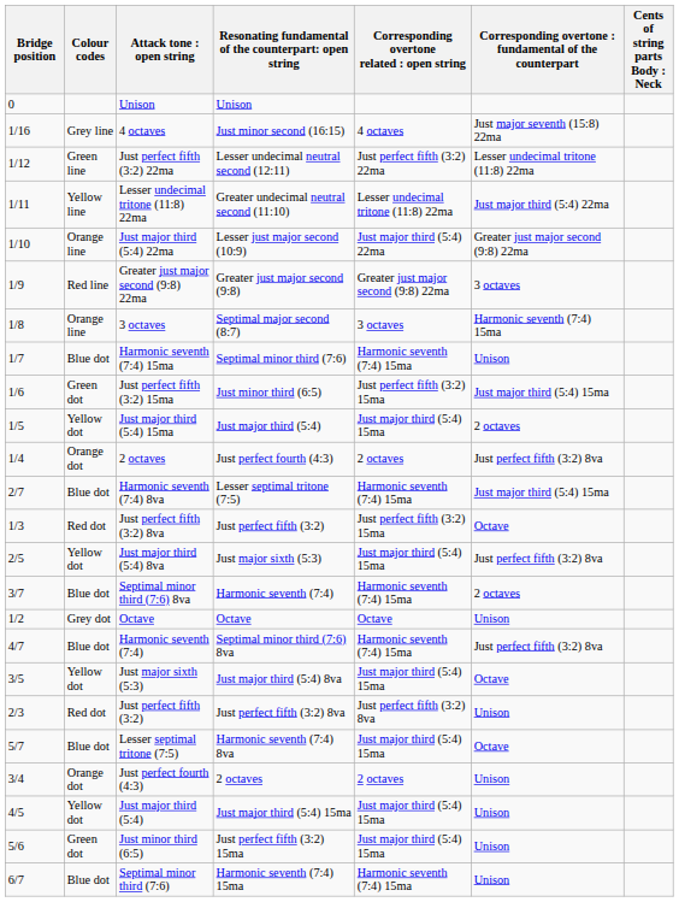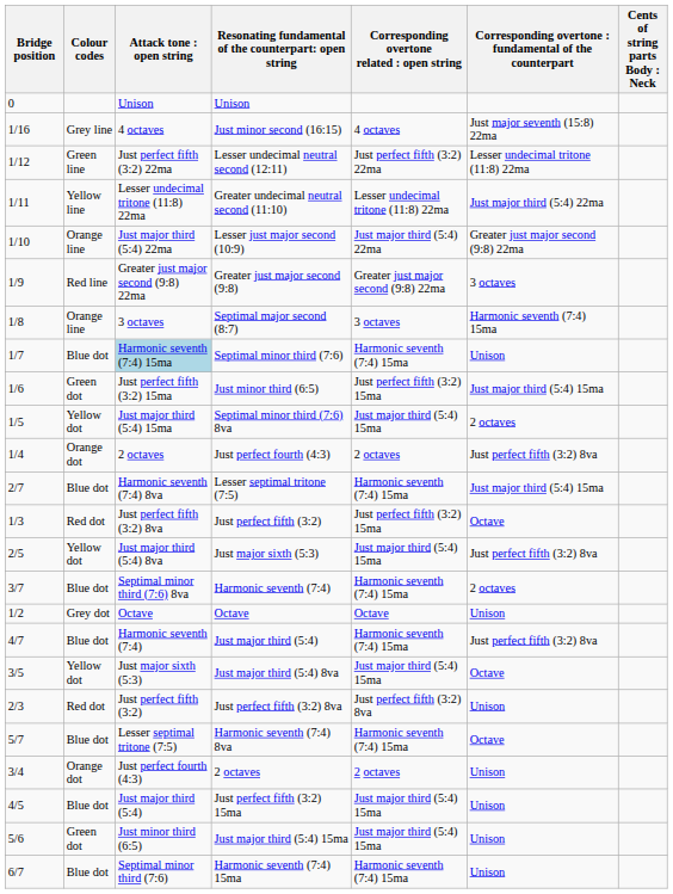 <table class="wikitable">
 <tr>
 <th>Bridge position</th>
 <th>Colour codes</th>
 <th>Attack tone : open string</th>
 <th>Resonating fundamental of the counterpart: open string</th>
 <th>Corresponding overtone<br>related : open string</th>
 <th>Corresponding overtone : fundamental of the counterpart</th>
 <th>Cents<br>of string parts<br>Body : Neck</th>
 </tr>
 <tr>
 <td>0</td>
 <td></td>
 <td><a href='#'>Unison</a></td>
 <td><a href='#'>Unison</a></td>
 <td></td>
 <td></td>
 <td></td>
 </tr>
 <tr>
 <td>1/16</td>
 <td>Grey line</td>
 <td>4 <a href='#'>octaves</a></td>
 <td><a href='#'>Just minor second</a> (16:15)</td>
 <td>4 <a href='#'>octaves</a></td>
 <td>Just <a href='#'>major seventh</a> (15:8) 22ma</td>
 <td></td>
 </tr>
 <tr>
 <td>1/12</td>
 <td>Green line</td>
 <td>Just <a href='#'>perfect fifth</a> (3:2) 22ma</td>
 <td>Lesser undecimal <a href='#'>neutral second</a> (12:11)</td>
 <td>Just <a href='#'>perfect fifth</a> (3:2) 22ma</td>
 <td>Lesser <a href='#'>undecimal tritone</a> (11:8) 22ma</td>
 <td></td>
 </tr>
 <tr>
 <td>1/11</td>
 <td>Yellow line</td>
 <td>Lesser <a href='#'>undecimal tritone</a> (11:8) 22ma</td>
 <td>Greater undecimal <a href='#'>neutral second</a> (11:10)</td>
 <td>Lesser <a href='#'>undecimal tritone</a> (11:8) 22ma</td>
 <td><a href='#'>Just major third</a> (5:4) 22ma</td>
 <td></td>
 </tr>
 <tr>
 <td>1/10</td>
 <td>Orange line</td>
 <td><a href='#'>Just major third</a> (5:4) 22ma</td>
 <td>Lesser <a href='#'>just major second</a> (10:9)</td>
 <td><a href='#'>Just major third</a> (5:4) 22ma</td>
 <td>Greater <a href='#'>just major second</a> (9:8) 22ma</td>
 <td></td>
 </tr>
 <tr>
 <td>1/9</td>
 <td>Red line</td>
 <td>Greater <a href='#'>just major second</a> (9:8) 22ma</td>
 <td>Greater <a href='#'>just major second</a> (9:8)</td>
 <td>Greater <a href='#'>just major second</a> (9:8) 22ma</td>
 <td>3 <a href='#'>octaves</a></td>
 <td></td>
 </tr>
 <tr>
 <td>1/8</td>
 <td>Orange line</td>
 <td>3 <a href='#'>octaves</a></td>
 <td><a href='#'>Septimal major second</a> (8:7)</td>
 <td>3 <a href='#'>octaves</a></td>
 <td><a href='#'>Harmonic seventh</a> (7:4) 15ma</td>
 <td></td>
 </tr>
 <tr>
 <td>1/7</td>
 <td>Blue dot</td>
-<td><a href='#'>Harmonic seventh</a> (7:4) 15ma</td>
+<td style="background: lightblue;"><a href='#'>Harmonic seventh</a> (7:4) 15ma</td>
 <td><a href='#'>Septimal minor third</a> (7:6)</td>
 <td><a href='#'>Harmonic seventh</a> (7:4) 15ma</td>
 <td><a href='#'>Unison</a></td>
 <td></td>
 </tr>
 <tr>
 <td>1/6</td>
 <td>Green dot</td>
 <td>Just <a href='#'>perfect fifth</a> (3:2) 15ma</td>
 <td><a href='#'>Just minor third</a> (6:5)</td>
 <td>Just <a href='#'>perfect fifth</a> (3:2) 15ma</td>
 <td><a href='#'>Just major third</a> (5:4) 15ma</td>
 <td></td>
 </tr>
 <tr>
 <td>1/5</td>
 <td>Yellow dot</td>
 <td><a href='#'>Just major third</a> (5:4) 15ma</td>
-<td><a href='#'>Just major third</a> (5:4)</td>
+<td><a href='#'>Septimal minor third (7:6)</a> 8va</td>
 <td><a href='#'>Just major third</a> (5:4) 15ma</td>
 <td>2 <a href='#'>octaves</a></td>
 <td></td>
 </tr>
 <tr>
 <td>1/4</td>
 <td>Orange dot</td>
 <td>2 <a href='#'>octaves</a></td>
 <td>Just <a href='#'>perfect fourth</a> (4:3)</td>
 <td>2 <a href='#'>octaves</a></td>
 <td>Just <a href='#'>perfect fifth</a> (3:2) 8va</td>
 <td></td>
 </tr>
 <tr>
 <td>2/7</td>
 <td>Blue dot</td>
 <td><a href='#'>Harmonic seventh</a> (7:4) 8va</td>
 <td>Lesser <a href='#'>septimal tritone</a> (7:5)</td>
 <td><a href='#'>Harmonic seventh</a> (7:4) 15ma</td>
 <td><a href='#'>Just major third</a> (5:4) 15ma</td>
 <td></td>
 </tr>
 <tr>
 <td>1/3</td>
 <td>Red dot</td>
 <td>Just <a href='#'>perfect fifth</a> (3:2) 8va</td>
 <td>Just <a href='#'>perfect fifth</a> (3:2)</td>
 <td>Just <a href='#'>perfect fifth</a> (3:2) 15ma</td>
 <td><a href='#'>Octave</a></td>
 <td></td>
 </tr>
 <tr>
 <td>2/5</td>
 <td>Yellow dot</td>
 <td><a href='#'>Just major third</a> (5:4) 8va</td>
 <td>Just <a href='#'>major sixth</a> (5:3)</td>
 <td><a href='#'>Just major third</a> (5:4) 15ma</td>
 <td>Just <a href='#'>perfect fifth</a> (3:2) 8va</td>
 <td></td>
 </tr>
 <tr>
 <td>3/7</td>
 <td>Blue dot</td>
 <td><a href='#'>Septimal minor third (7:6)</a> 8va</td>
 <td><a href='#'>Harmonic seventh</a> (7:4)</td>
 <td><a href='#'>Harmonic seventh</a> (7:4) 15ma</td>
 <td>2 <a href='#'>octaves</a></td>
 <td></td>
 </tr>
 <tr>
 <td>1/2</td>
 <td>Grey dot</td>
 <td><a href='#'>Octave</a></td>
 <td><a href='#'>Octave</a></td>
 <td><a href='#'>Octave</a></td>
 <td><a href='#'>Unison</a></td>
 <td></td>
 </tr>
 <tr>
 <td>4/7</td>
 <td>Blue dot</td>
 <td><a href='#'>Harmonic seventh</a> (7:4)</td>
-<td><a href='#'>Septimal minor third (7:6)</a> 8va</td>
+<td><a href='#'>Just major third</a> (5:4)</td>
 <td><a href='#'>Harmonic seventh</a> (7:4) 15ma</td>
 <td>Just <a href='#'>perfect fifth</a> (3:2) 8va</td>
 <td></td>
 </tr>
 <tr>
 <td>3/5</td>
 <td>Yellow dot</td>
 <td>Just <a href='#'>major sixth</a> (5:3)</td>
 <td><a href='#'>Just major third</a> (5:4) 8va</td>
 <td><a href='#'>Just major third</a> (5:4) 15ma</td>
 <td><a href='#'>Octave</a></td>
 <td></td>
 </tr>
 <tr>
 <td>2/3</td>
 <td>Red dot</td>
 <td>Just <a href='#'>perfect fifth</a> (3:2)</td>
 <td>Just <a href='#'>perfect fifth</a> (3:2) 8va</td>
 <td>Just <a href='#'>perfect fifth</a> (3:2) 8va</td>
 <td><a href='#'>Unison</a></td>
 <td></td>
 </tr>
 <tr>
 <td>5/7</td>
 <td>Blue dot</td>
 <td>Lesser <a href='#'>septimal tritone</a> (7:5)</td>
 <td><a href='#'>Harmonic seventh</a> (7:4) 8va</td>
-<td><a href='#'>Just major third</a> (5:4) 15ma</td>
+<td><a href='#'>Harmonic seventh</a> (7:4) 15ma</td>
 <td><a href='#'>Octave</a></td>
 <td></td>
 </tr>
 <tr>
 <td>3/4</td>
 <td>Orange dot</td>
 <td>Just <a href='#'>perfect fourth</a> (4:3)</td>
 <td>2 <a href='#'>octaves</a></td>
 <td><a href='#'>2</a> <a href='#'>octaves</a></td>
 <td><a href='#'>Unison</a></td>
 <td></td>
 </tr>
 <tr>
 <td>4/5</td>
-<td>Yellow dot</td>
+<td>Blue dot</td>
 <td><a href='#'>Just major third</a> (5:4)</td>
-<td><a href='#'>Just major third</a> (5:4) 15ma</td>
+<td>Just <a href='#'>perfect fifth</a> (3:2) 15ma</td>
 <td><a href='#'>Just major third</a> (5:4) 15ma</td>
 <td><a href='#'>Unison</a></td>
 <td></td>
 </tr>
 <tr>
 <td>5/6</td>
 <td>Green dot</td>
 <td><a href='#'>Just minor third</a> (6:5)</td>
-<td>Just <a href='#'>perfect fifth</a> (3:2) 15ma</td>
+<td><a href='#'>Just major third</a> (5:4) 15ma</td>
 <td><a href='#'>Just major third</a> (5:4) 15ma</td>
 <td><a href='#'>Unison</a></td>
 <td></td>
 </tr>
 <tr>
 <td>6/7</td>
 <td>Blue dot</td>
 <td><a href='#'>Septimal minor third</a> (7:6)</td>
 <td><a href='#'>Harmonic seventh</a> (7:4) 15ma</td>
 <td><a href='#'>Harmonic seventh</a> (7:4) 15ma</td>
 <td><a href='#'>Unison</a></td>
 <td></td>
 </tr>
 </table>
